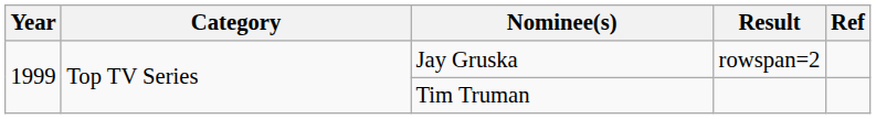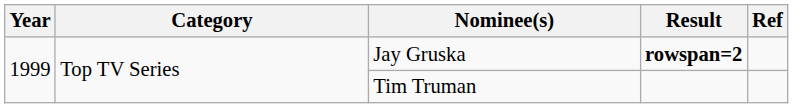 <table class="wikitable">
 <tr>
 <th>Year</th>
 <th width=470>Category</th>
 <th width=375>Nominee(s)</th>
 <th width=65>Result</th>
 <th>Ref</th>
 </tr>
 <tr>
 <td rowspan=2>1999</td>
 <td rowspan=2>Top TV Series</td>
 <td>Jay Gruska</td>
-<td>rowspan=2 </td>
+<td><strong>rowspan=2 </strong></td>
 <td></td>
 </tr>
 <tr>
 <td>Tim Truman</td>
 <td></td>
 </tr>
 </table>
